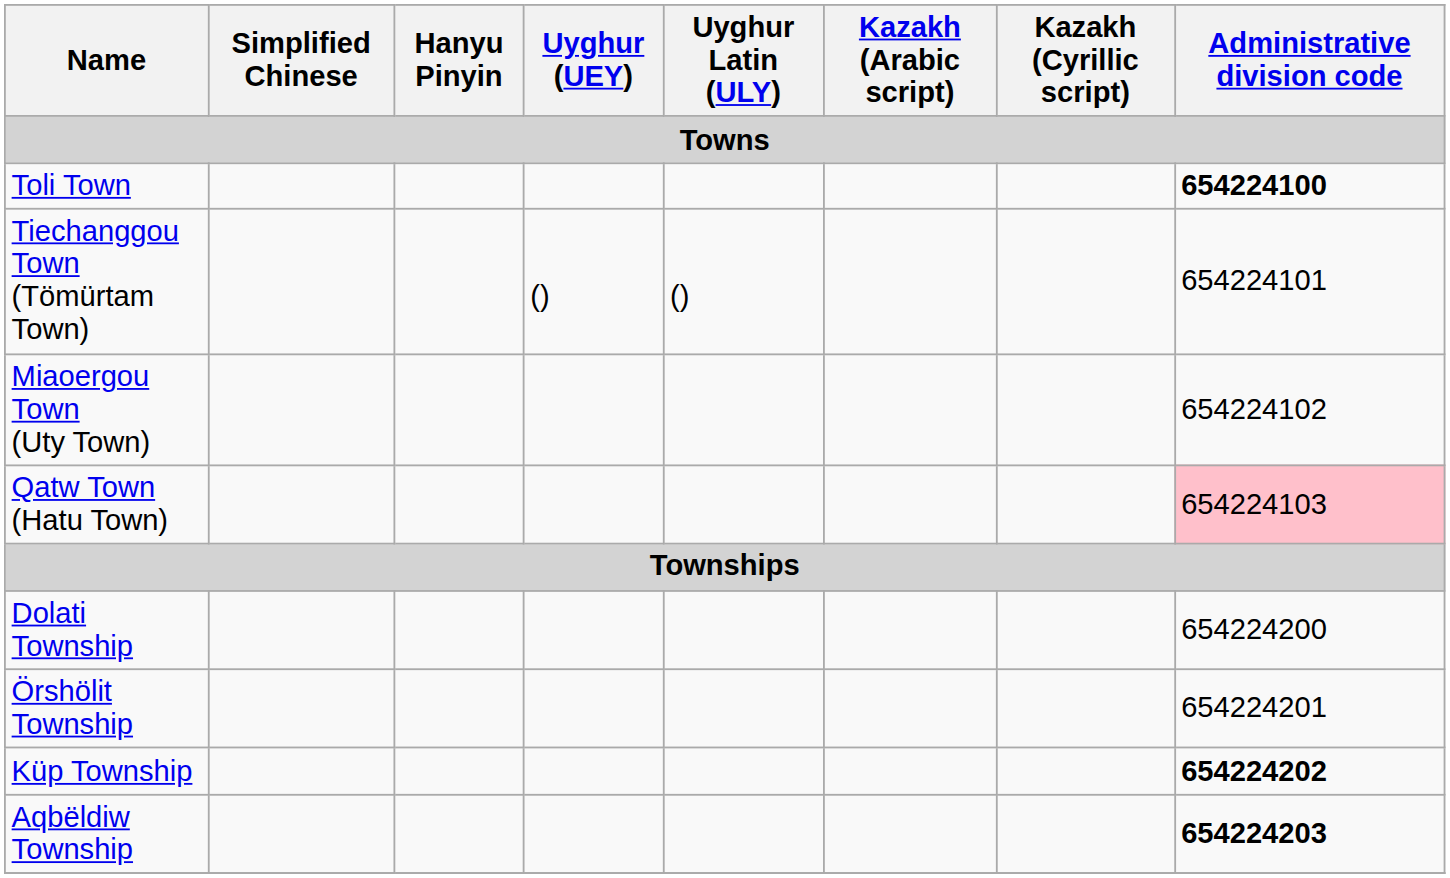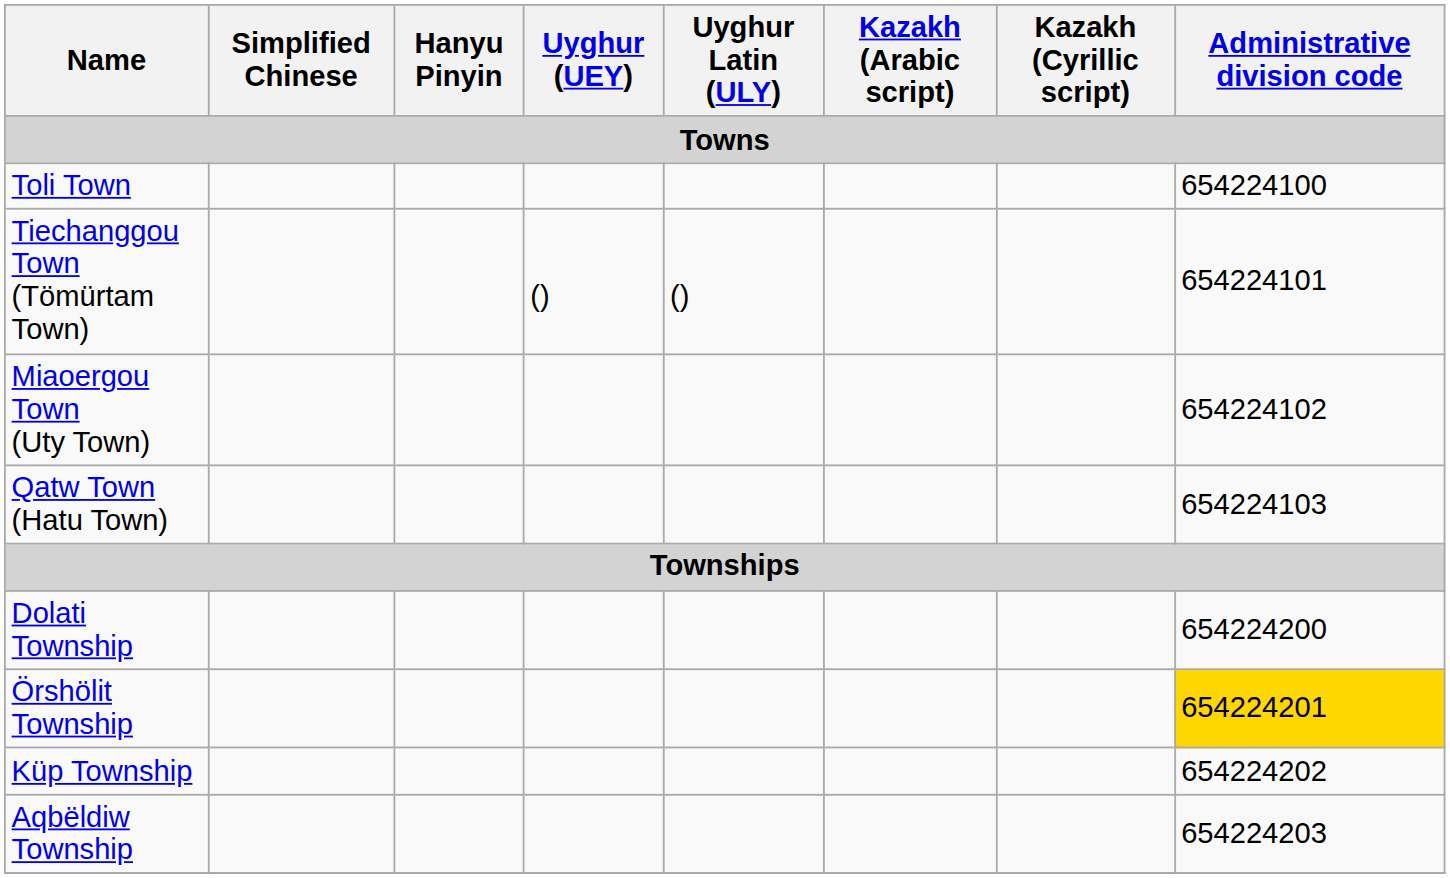 <table class="wikitable" align="center" style="width:50%; border="1">
 <tr>
 <th>Name</th>
 <th>Simplified Chinese</th>
 <th>Hanyu Pinyin</th>
 <th><a href='#'>Uyghur</a> (<a href='#'>UEY</a>)</th>
 <th>Uyghur Latin (<a href='#'>ULY</a>)</th>
 <th><a href='#'>Kazakh</a> (Arabic script)</th>
 <th>Kazakh (Cyrillic script)</th>
 <th><a href='#'>Administrative division code</a></th>
 </tr>
 <tr>
 <td colspan="9"  style="text-align:center; background:#d3d3d3;"><strong>Towns</strong></td>
 </tr>
 <tr --------->
 <td><a href='#'>Toli Town</a></td>
 <td></td>
 <td></td>
 <td></td>
 <td></td>
 <td></td>
 <td></td>
-<td><strong>654224100</strong></td>
+<td>654224100</td>
 </tr>
 <tr>
 <td><a href='#'>Tiechanggou Town</a><br>(Tömürtam Town)</td>
 <td></td>
 <td></td>
 <td><br>()</td>
 <td><br>()</td>
 <td></td>
 <td></td>
 <td>654224101</td>
 </tr>
 <tr>
 <td><a href='#'>Miaoergou Town</a><br>(Uty Town)</td>
 <td></td>
 <td></td>
 <td></td>
 <td></td>
 <td></td>
 <td></td>
 <td>654224102</td>
 </tr>
 <tr>
 <td><a href='#'>Qatw Town</a><br>(Hatu Town)</td>
 <td></td>
 <td></td>
 <td></td>
 <td></td>
 <td></td>
 <td></td>
-<td style="background: pink;">654224103</td>
+<td>654224103</td>
 </tr>
 <tr>
 <td colspan="9"  style="text-align:center; background:#d3d3d3;"><strong>Townships</strong></td>
 </tr>
 <tr --------->
 <td><a href='#'>Dolati Township</a></td>
 <td></td>
 <td></td>
 <td></td>
 <td></td>
 <td></td>
 <td></td>
 <td>654224200</td>
 </tr>
 <tr>
 <td><a href='#'>Örshölit Township</a></td>
 <td></td>
 <td></td>
 <td></td>
 <td></td>
 <td></td>
 <td></td>
-<td>654224201</td>
+<td style="background: gold;">654224201</td>
 </tr>
 <tr>
 <td><a href='#'>Küp Township</a></td>
 <td></td>
 <td></td>
 <td></td>
 <td></td>
 <td></td>
 <td></td>
-<td><strong>654224202</strong></td>
+<td>654224202</td>
 </tr>
 <tr>
 <td><a href='#'>Aqbëldiw Township</a></td>
 <td></td>
 <td></td>
 <td></td>
 <td></td>
 <td></td>
 <td></td>
-<td><strong>654224203</strong></td>
+<td>654224203</td>
 </tr>
 <tr>
 </tr>
 </table>
